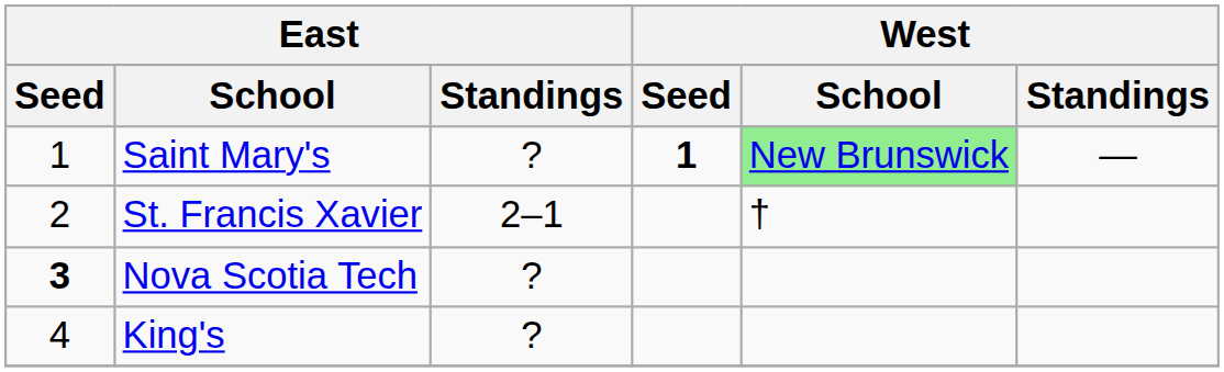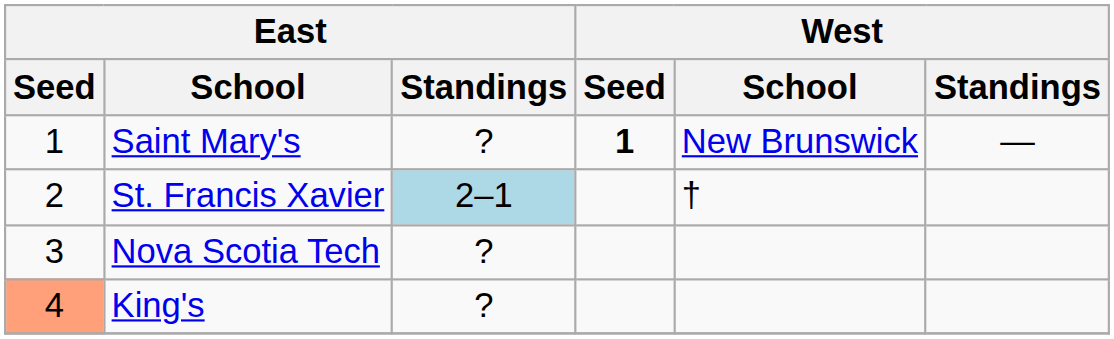 <table class="wikitable">
 <tr>
 <th colspan=3>East</th>
 <th colspan=3>West</th>
 </tr>
 <tr>
 <th>Seed</th>
 <th>School</th>
 <th>Standings</th>
 <th>Seed</th>
 <th>School</th>
 <th>Standings</th>
 </tr>
 <tr>
 <td align=center>1</td>
 <td><a href='#'>Saint Mary's</a></td>
 <td align=center>?</td>
 <td align=center><strong>1</strong></td>
-<td style="background: lightgreen;"><a href='#'>New Brunswick</a></td>
+<td><a href='#'>New Brunswick</a></td>
 <td align=center>—</td>
 </tr>
 <tr>
 <td align=center>2</td>
 <td><a href='#'>St. Francis Xavier</a></td>
-<td align=center>2–1</td>
+<td align=center style="background: lightblue;">2–1</td>
 <td></td>
 <td>†</td>
 <td></td>
 </tr>
 <tr>
-<td align=center><strong>3</strong></td>
+<td align=center>3</td>
 <td><a href='#'>Nova Scotia Tech</a></td>
 <td align=center>?</td>
 <td></td>
 <td></td>
 <td></td>
 </tr>
 <tr>
-<td align=center>4</td>
+<td align=center style="background: lightsalmon;">4</td>
 <td><a href='#'>King's</a></td>
 <td align=center>?</td>
 <td></td>
 <td></td>
 <td></td>
 </tr>
 <tr>
 </tr>
 </table>
